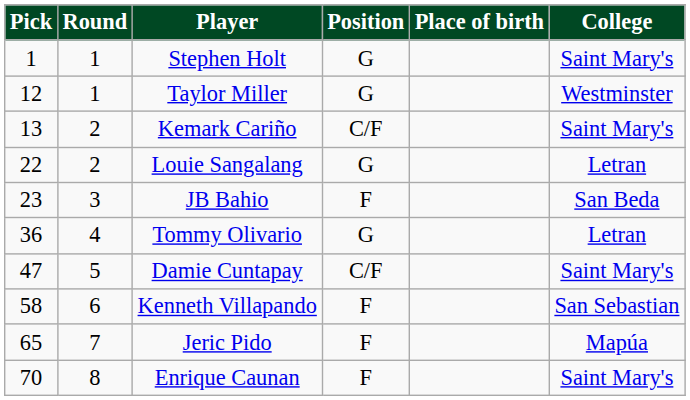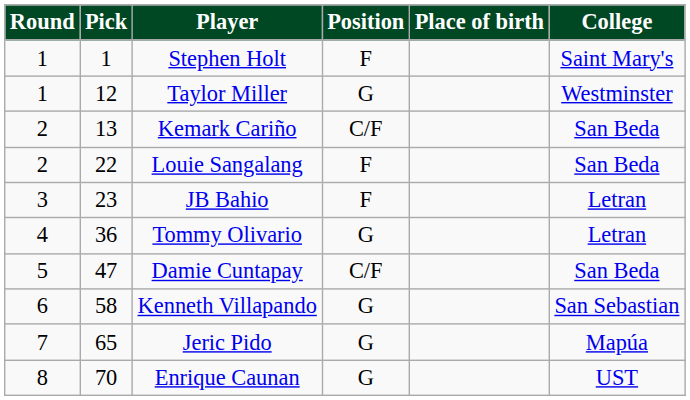 <table class="wikitable sortable sortable" style="text-align:center">
 <tr>
+<th style="background:#004823; color:#FFFFFF; ">Round</th>
 <th style="background:#004823; color:#FFFFFF; ">Pick</th>
-<th style="background:#004823; color:#FFFFFF; ">Round</th>
 <th style="background:#004823; color:#FFFFFF; ">Player</th>
 <th style="background:#004823; color:#FFFFFF; ">Position</th>
 <th style="background:#004823; color:#FFFFFF; ">Place of birth</th>
 <th style="background:#004823; color:#FFFFFF; ">College</th>
 </tr>
 <tr>
 <td>1</td>
 <td>1</td>
 <td><a href='#'>Stephen Holt</a></td>
-<td>G</td>
+<td>F</td>
 <td></td>
 <td><a href='#'>Saint Mary's</a></td>
 </tr>
 <tr>
+<td>1</td>
 <td>12</td>
-<td>1</td>
 <td><a href='#'>Taylor Miller</a></td>
 <td>G</td>
 <td></td>
 <td><a href='#'>Westminster</a></td>
 </tr>
 <tr>
+<td>2</td>
 <td>13</td>
-<td>2</td>
 <td><a href='#'>Kemark Cariño</a></td>
 <td>C/F</td>
 <td></td>
-<td><a href='#'>Saint Mary's</a></td>
+<td><a href='#'>San Beda</a></td>
 </tr>
 <tr>
+<td>2</td>
 <td>22</td>
-<td>2</td>
 <td><a href='#'>Louie Sangalang</a></td>
-<td>G</td>
-<td></td>
-<td><a href='#'>Letran</a></td>
-</tr>
-<tr>
-<td>23</td>
-<td>3</td>
-<td><a href='#'>JB Bahio</a></td>
 <td>F</td>
 <td></td>
 <td><a href='#'>San Beda</a></td>
 </tr>
 <tr>
+<td>3</td>
+<td>23</td>
+<td><a href='#'>JB Bahio</a></td>
+<td>F</td>
+<td></td>
+<td><a href='#'>Letran</a></td>
+</tr>
+<tr>
+<td>4</td>
 <td>36</td>
-<td>4</td>
 <td><a href='#'>Tommy Olivario</a></td>
 <td>G</td>
 <td></td>
 <td><a href='#'>Letran</a></td>
 </tr>
 <tr>
+<td>5</td>
 <td>47</td>
-<td>5</td>
 <td><a href='#'>Damie Cuntapay</a></td>
 <td>C/F</td>
 <td></td>
-<td><a href='#'>Saint Mary's</a></td>
+<td><a href='#'>San Beda</a></td>
 </tr>
 <tr>
+<td>6</td>
 <td>58</td>
-<td>6</td>
 <td><a href='#'>Kenneth Villapando</a></td>
-<td>F</td>
+<td>G</td>
 <td></td>
 <td><a href='#'>San Sebastian</a></td>
 </tr>
 <tr>
+<td>7</td>
 <td>65</td>
-<td>7</td>
 <td><a href='#'>Jeric Pido</a></td>
-<td>F</td>
+<td>G</td>
 <td></td>
 <td><a href='#'>Mapúa</a></td>
 </tr>
 <tr>
+<td>8</td>
 <td>70</td>
-<td>8</td>
 <td><a href='#'>Enrique Caunan</a></td>
-<td>F</td>
+<td>G</td>
 <td></td>
-<td><a href='#'>Saint Mary's</a></td>
+<td><a href='#'>UST</a></td>
 </tr>
 </table>
